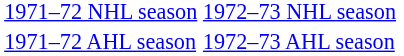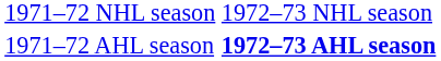 <table>
 <tr>
 <td><a href='#'>1971–72 NHL season</a></td>
 <td><a href='#'>1972–73 NHL season</a></td>
 </tr>
 <tr>
 <td><a href='#'>1971–72 AHL season</a></td>
-<td><a href='#'>1972–73 AHL season</a></td>
+<td><strong><a href='#'>1972–73 AHL season</a></strong></td>
 </tr>
 <tr>
 </tr>
 </table>
